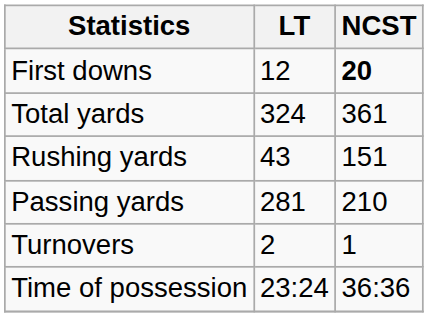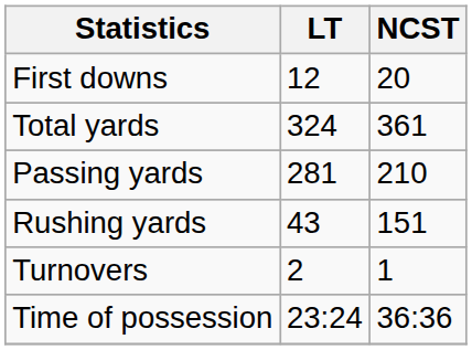 <table class="wikitable" style="float: left;">
 <tr>
 <th>Statistics</th>
 <th>LT</th>
 <th>NCST</th>
 </tr>
 <tr>
 <td>First downs</td>
 <td>12</td>
-<td><strong>20</strong></td>
+<td>20</td>
 </tr>
 <tr>
 <td>Total yards</td>
 <td>324</td>
 <td>361</td>
 </tr>
 <tr>
+<td>Passing yards</td>
+<td>281</td>
+<td>210</td>
+</tr>
+<tr>
 <td>Rushing yards</td>
 <td>43</td>
 <td>151</td>
-</tr>
-<tr>
-<td>Passing yards</td>
-<td>281</td>
-<td>210</td>
 </tr>
 <tr>
 <td>Turnovers</td>
 <td>2</td>
 <td>1</td>
 </tr>
 <tr>
 <td>Time of possession</td>
 <td>23:24</td>
 <td>36:36</td>
 </tr>
 <tr>
 </tr>
 </table>
